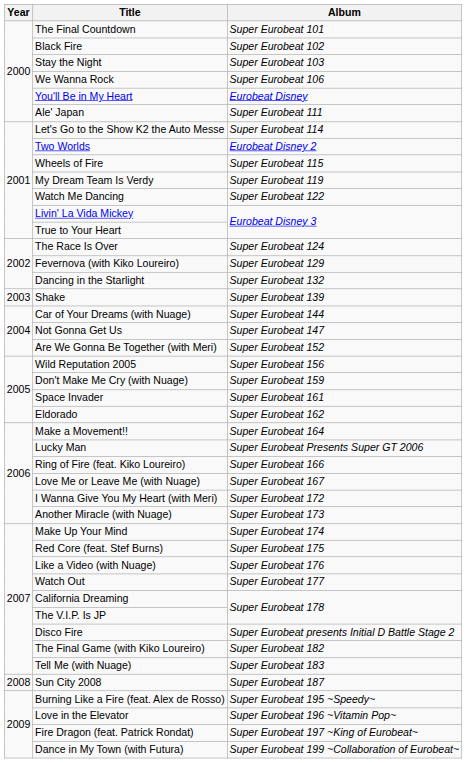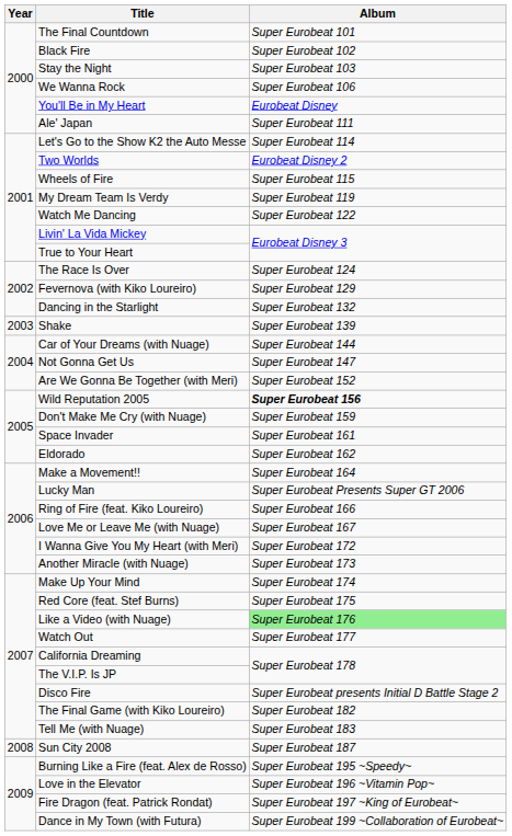 <table class="wikitable">
 <tr>
 <th>Year</th>
 <th>Title</th>
 <th>Album</th>
 </tr>
 <tr>
 <td rowspan="6">2000</td>
 <td>The Final Countdown</td>
 <td><em> Super Eurobeat 101 </em></td>
 </tr>
 <tr>
 <td>Black Fire</td>
 <td><em> Super Eurobeat 102 </em></td>
 </tr>
 <tr>
 <td>Stay the Night</td>
 <td><em> Super Eurobeat 103 </em></td>
 </tr>
 <tr>
 <td>We Wanna Rock</td>
 <td><em> Super Eurobeat 106 </em></td>
 </tr>
 <tr>
 <td><a href='#'>You'll Be in My Heart</a></td>
 <td><em> <a href='#'>Eurobeat Disney</a> </em></td>
 </tr>
 <tr>
 <td>Ale' Japan</td>
 <td><em> Super Eurobeat 111 </em></td>
 </tr>
 <tr>
 <td rowspan="7">2001</td>
 <td>Let's Go to the Show K2 the Auto Messe</td>
 <td><em> Super Eurobeat 114 </em></td>
 </tr>
 <tr>
 <td><a href='#'>Two Worlds</a></td>
 <td><em> <a href='#'>Eurobeat Disney 2</a> </em></td>
 </tr>
 <tr>
 <td>Wheels of Fire</td>
 <td><em> Super Eurobeat 115 </em></td>
 </tr>
 <tr>
 <td>My Dream Team Is Verdy</td>
 <td><em> Super Eurobeat 119 </em></td>
 </tr>
 <tr>
 <td>Watch Me Dancing</td>
 <td><em> Super Eurobeat 122 </em></td>
 </tr>
 <tr>
 <td><a href='#'>Livin' La Vida Mickey</a></td>
 <td rowspan="2"><em> <a href='#'>Eurobeat Disney 3</a> </em></td>
 </tr>
 <tr>
 <td>True to Your Heart</td>
 </tr>
 <tr>
 <td rowspan="3">2002</td>
 <td>The Race Is Over</td>
 <td><em> Super Eurobeat 124 </em></td>
 </tr>
 <tr>
 <td>Fevernova (with Kiko Loureiro)</td>
 <td><em> Super Eurobeat 129 </em></td>
 </tr>
 <tr>
 <td>Dancing in the Starlight</td>
 <td><em> Super Eurobeat 132 </em></td>
 </tr>
 <tr>
 <td>2003</td>
 <td>Shake</td>
 <td><em> Super Eurobeat 139 </em></td>
 </tr>
 <tr>
 <td rowspan="3">2004</td>
 <td>Car of Your Dreams  (with Nuage)</td>
 <td><em> Super Eurobeat 144 </em></td>
 </tr>
 <tr>
 <td>Not Gonna Get Us</td>
 <td><em> Super Eurobeat 147 </em></td>
 </tr>
 <tr>
 <td>Are We Gonna Be Together  (with Meri)</td>
 <td><em> Super Eurobeat 152 </em></td>
 </tr>
 <tr>
 <td rowspan="4">2005</td>
 <td>Wild Reputation 2005</td>
-<td><em> Super Eurobeat 156 </em></td>
+<td><strong><em> Super Eurobeat 156 </em></strong></td>
 </tr>
 <tr>
 <td>Don't Make Me Cry  (with Nuage)</td>
 <td><em> Super Eurobeat 159 </em></td>
 </tr>
 <tr>
 <td>Space Invader</td>
 <td><em> Super Eurobeat 161 </em></td>
 </tr>
 <tr>
 <td>Eldorado</td>
 <td><em> Super Eurobeat 162 </em></td>
 </tr>
 <tr>
 <td rowspan= "6">2006</td>
 <td>Make a Movement!!</td>
 <td><em> Super Eurobeat 164 </em></td>
 </tr>
 <tr>
 <td>Lucky Man</td>
 <td><em> Super Eurobeat Presents Super GT 2006 </em></td>
 </tr>
 <tr>
 <td>Ring of Fire (feat. Kiko Loureiro)</td>
 <td><em> Super Eurobeat 166 </em></td>
 </tr>
 <tr>
 <td>Love Me or Leave Me  (with Nuage)</td>
 <td><em> Super Eurobeat 167 </em></td>
 </tr>
 <tr>
 <td>I Wanna Give You My Heart  (with Meri)</td>
 <td><em> Super Eurobeat 172 </em></td>
 </tr>
 <tr>
 <td>Another Miracle (with Nuage)</td>
 <td><em> Super Eurobeat 173 </em></td>
 </tr>
 <tr>
 <td rowspan="9">2007</td>
 <td>Make Up Your Mind</td>
 <td><em> Super Eurobeat 174 </em></td>
 </tr>
 <tr>
 <td>Red Core (feat. Stef Burns)</td>
 <td><em> Super Eurobeat 175 </em></td>
 </tr>
 <tr>
 <td>Like a Video (with Nuage)</td>
-<td><em> Super Eurobeat 176 </em></td>
+<td style="background: lightgreen;"><em> Super Eurobeat 176 </em></td>
 </tr>
 <tr>
 <td>Watch Out</td>
 <td><em> Super Eurobeat 177 </em></td>
 </tr>
 <tr>
 <td>California Dreaming</td>
 <td rowspan="2"><em> Super Eurobeat 178 </em></td>
 </tr>
 <tr>
 <td>The V.I.P. Is JP</td>
 </tr>
 <tr>
 <td>Disco Fire</td>
 <td><em> Super Eurobeat presents Initial D Battle Stage 2 </em></td>
 </tr>
 <tr>
 <td>The Final Game (with Kiko Loureiro)</td>
 <td><em> Super Eurobeat 182 </em></td>
 </tr>
 <tr>
 <td>Tell Me (with Nuage)</td>
 <td><em> Super Eurobeat 183 </em></td>
 </tr>
 <tr>
 <td>2008</td>
 <td>Sun City 2008</td>
 <td><em> Super Eurobeat 187 </em></td>
 </tr>
 <tr>
 <td rowspan="4">2009</td>
 <td>Burning Like a Fire (feat. Alex de Rosso)</td>
 <td><em> Super Eurobeat 195 ~Speedy~ </em></td>
 </tr>
 <tr>
 <td>Love in the Elevator</td>
 <td><em>  Super Eurobeat 196 ~Vitamin Pop~ </em></td>
 </tr>
 <tr>
 <td>Fire Dragon (feat. Patrick Rondat)</td>
 <td><em>  Super Eurobeat 197 ~King of Eurobeat~ </em></td>
 </tr>
 <tr>
 <td>Dance in My Town (with Futura)</td>
 <td><em>  Super Eurobeat 199 ~Collaboration of Eurobeat~ </em></td>
 </tr>
 </table>
